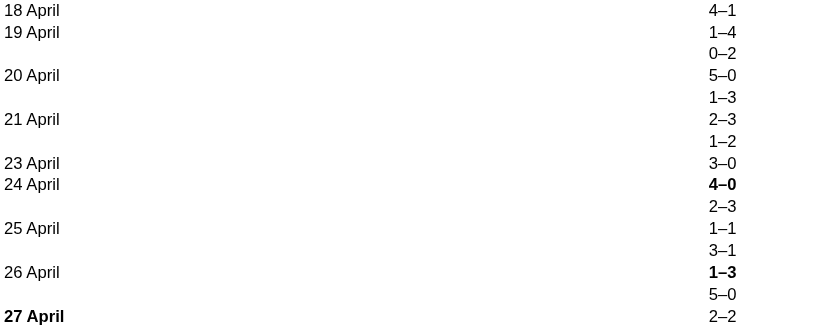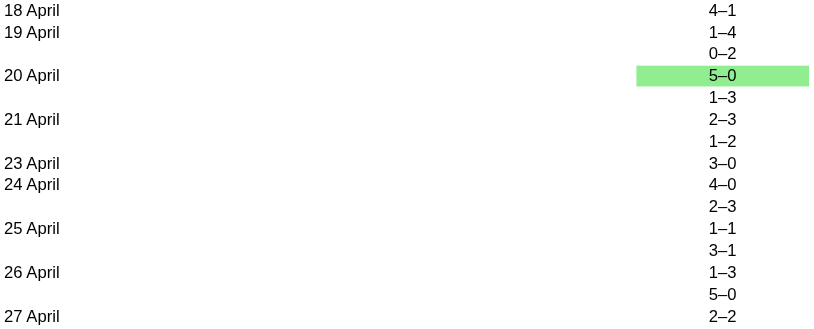 <table cellspacing=1 width=70%>
 <tr>
 <th width=25%></th>
 <th width=30%></th>
 <th width=15%></th>
 <th width=30%></th>
 </tr>
 <tr>
 <td>18 April</td>
 <td align=right></td>
 <td align=center>4–1</td>
 <td></td>
 </tr>
 <tr>
 <td>19 April</td>
 <td align=right></td>
 <td align=center>1–4</td>
 <td></td>
 </tr>
 <tr>
 <td></td>
 <td align=right></td>
 <td align=center>0–2</td>
 <td></td>
 </tr>
 <tr>
 <td>20 April</td>
 <td align=right></td>
-<td align=center>5–0</td>
+<td align=center style="background: lightgreen;">5–0</td>
 <td></td>
 </tr>
 <tr>
 <td></td>
 <td align=right></td>
 <td align=center>1–3</td>
 <td></td>
 </tr>
 <tr>
 <td>21 April</td>
 <td align=right></td>
 <td align=center>2–3</td>
 <td></td>
 </tr>
 <tr>
 <td></td>
 <td align=right></td>
 <td align=center>1–2</td>
 <td></td>
 </tr>
 <tr>
 <td>23 April</td>
 <td align=right></td>
 <td align=center>3–0</td>
 <td></td>
 </tr>
 <tr>
 <td>24 April</td>
 <td align=right></td>
-<td align=center><strong>4–0</strong></td>
+<td align=center>4–0</td>
 <td></td>
 </tr>
 <tr>
 <td></td>
 <td align=right></td>
 <td align=center>2–3</td>
 <td></td>
 </tr>
 <tr>
 <td>25 April</td>
 <td align=right></td>
 <td align=center>1–1</td>
 <td></td>
 </tr>
 <tr>
 <td></td>
 <td align=right></td>
 <td align=center>3–1</td>
 <td></td>
 </tr>
 <tr>
 <td>26 April</td>
 <td align=right></td>
-<td align=center><strong>1–3</strong></td>
+<td align=center>1–3</td>
 <td></td>
 </tr>
 <tr>
 <td></td>
 <td align=right></td>
 <td align=center>5–0</td>
 <td></td>
 </tr>
 <tr>
-<td><strong>27 April</strong></td>
+<td>27 April</td>
 <td align=right></td>
 <td align=center>2–2</td>
 <td></td>
 </tr>
 </table>
